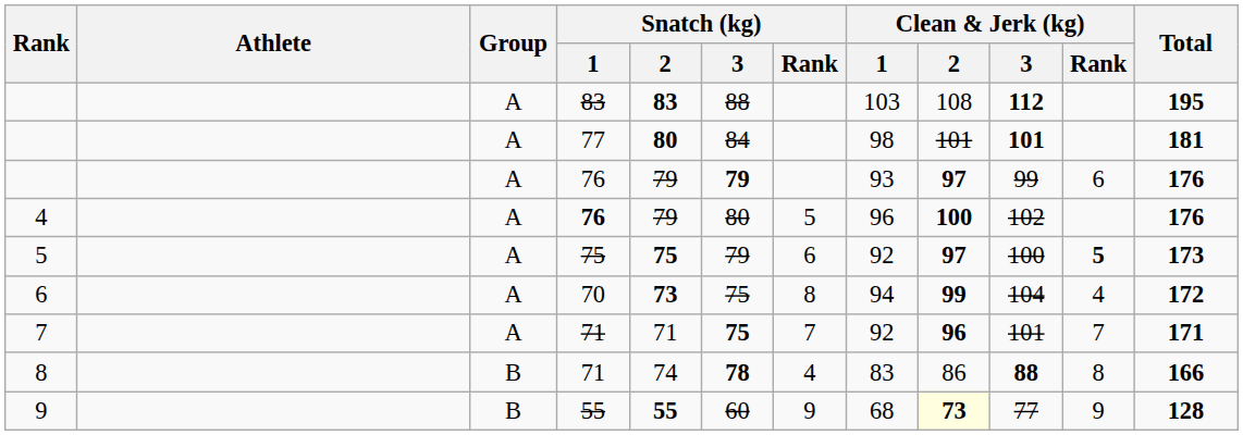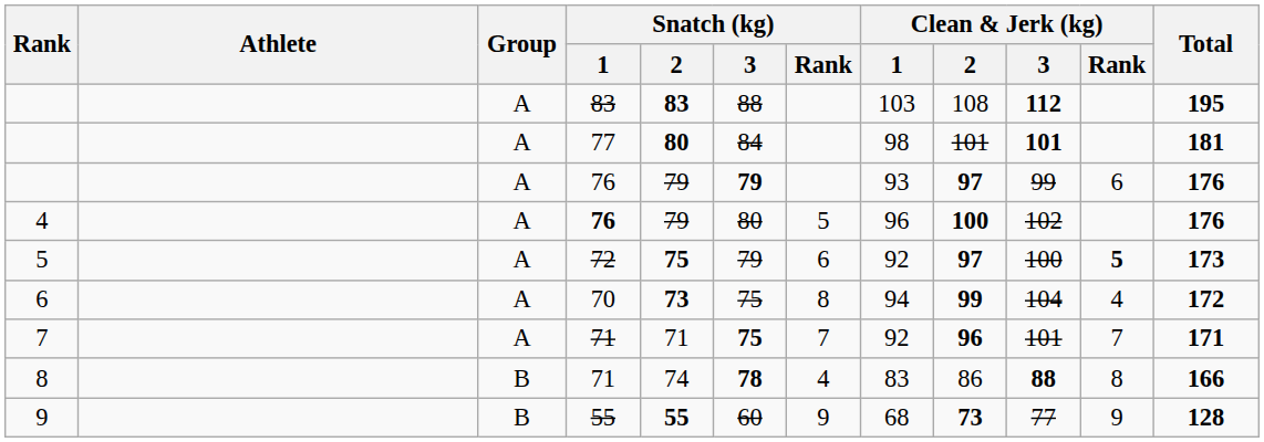 <table class = "wikitable" style="text-align:center;">
 <tr>
 <th rowspan=2 width=40>Rank</th>
 <th rowspan=2 width=250>Athlete</th>
 <th rowspan=2 width=50>Group</th>
 <th colspan=4>Snatch (kg)</th>
 <th colspan=4>Clean & Jerk (kg)</th>
 <th rowspan=2 width=60>Total</th>
 </tr>
 <tr>
 <th width=40>1</th>
 <th width=40>2</th>
 <th width=40>3</th>
 <th width=40>Rank</th>
 <th width=40>1</th>
 <th width=40>2</th>
 <th width=40>3</th>
 <th width=40>Rank</th>
 </tr>
 <tr>
 <td></td>
 <td align=left></td>
 <td>A</td>
 <td><s>83</s></td>
 <td><strong>83</strong></td>
 <td><s>88</s></td>
 <td></td>
 <td>103</td>
 <td>108</td>
 <td><strong>112</strong></td>
 <td></td>
 <td><strong>195</strong></td>
 </tr>
 <tr>
 <td></td>
 <td align=left></td>
 <td>A</td>
 <td>77</td>
 <td><strong>80</strong></td>
 <td><s>84</s></td>
 <td></td>
 <td>98</td>
 <td><s>101</s></td>
 <td><strong>101</strong></td>
 <td></td>
 <td><strong>181</strong></td>
 </tr>
 <tr>
 <td></td>
 <td align=left></td>
 <td>A</td>
 <td>76</td>
 <td><s>79</s></td>
 <td><strong>79</strong></td>
 <td></td>
 <td>93</td>
 <td><strong>97</strong></td>
 <td><s>99</s></td>
 <td>6</td>
 <td><strong>176</strong></td>
 </tr>
 <tr>
 <td>4</td>
 <td align=left></td>
 <td>A</td>
 <td><strong>76</strong></td>
 <td><s>79</s></td>
 <td><s>80</s></td>
 <td>5</td>
 <td>96</td>
 <td><strong>100</strong></td>
 <td><s>102</s></td>
 <td></td>
 <td><strong>176</strong></td>
 </tr>
 <tr>
 <td>5</td>
 <td align=left></td>
 <td>A</td>
-<td><s>75</s></td>
+<td><s>72</s></td>
 <td><strong>75</strong></td>
 <td><s>79</s></td>
 <td>6</td>
 <td>92</td>
 <td><strong>97</strong></td>
 <td><s>100</s></td>
 <td><strong>5</strong></td>
 <td><strong>173</strong></td>
 </tr>
 <tr>
 <td>6</td>
 <td align=left></td>
 <td>A</td>
 <td>70</td>
 <td><strong>73</strong></td>
 <td><s>75</s></td>
 <td>8</td>
 <td>94</td>
 <td><strong>99</strong></td>
 <td><s>104</s></td>
 <td>4</td>
 <td><strong>172</strong></td>
 </tr>
 <tr>
 <td>7</td>
 <td align=left></td>
 <td>A</td>
 <td><s>71</s></td>
 <td>71</td>
 <td><strong>75</strong></td>
 <td>7</td>
 <td>92</td>
 <td><strong>96</strong></td>
 <td><s>101</s></td>
 <td>7</td>
 <td><strong>171</strong></td>
 </tr>
 <tr>
 <td>8</td>
 <td align=left></td>
 <td>B</td>
 <td>71</td>
 <td>74</td>
 <td><strong>78</strong></td>
 <td>4</td>
 <td>83</td>
 <td>86</td>
 <td><strong>88</strong></td>
 <td>8</td>
 <td><strong>166</strong></td>
 </tr>
 <tr>
 <td>9</td>
 <td align=left></td>
 <td>B</td>
 <td><s>55</s></td>
 <td><strong>55</strong></td>
 <td><s>60</s></td>
 <td>9</td>
 <td>68</td>
-<td style="background: lightyellow;"><strong>73</strong></td>
+<td><strong>73</strong></td>
 <td><s>77</s></td>
 <td>9</td>
 <td><strong>128</strong></td>
 </tr>
 </table>
